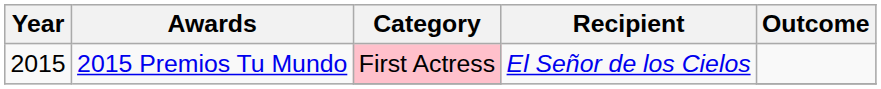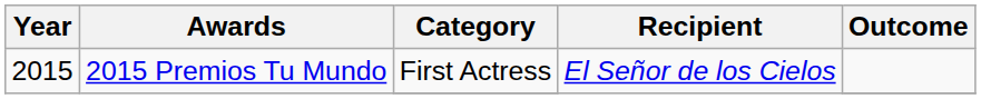 <table class="wikitable sortable">
 <tr>
 <th>Year</th>
 <th>Awards</th>
 <th>Category</th>
 <th>Recipient</th>
 <th>Outcome</th>
 </tr>
 <tr>
 <td rowspan="2">2015</td>
 <td rowspan="2"><a href='#'>2015 Premios Tu Mundo</a></td>
-<td style="background: pink;">First Actress</td>
+<td>First Actress</td>
 <td rowspan="2"><em><a href='#'>El Señor de los Cielos</a></em></td>
 <td></td>
 </tr>
 <tr>
 </tr>
 </table>
